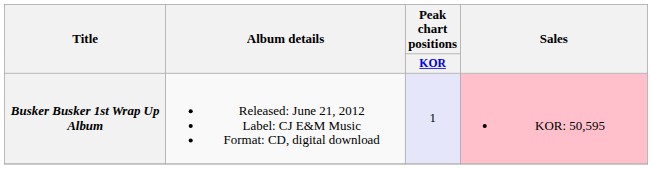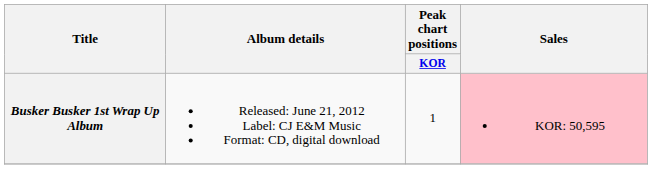 <table class="wikitable plainrowheaders" style="text-align:center;">
 <tr>
 <th rowspan="2" style="width:12em;">Title</th>
 <th rowspan="2" style="width:18em;">Album details</th>
 <th colspan="1">Peak chart positions</th>
 <th rowspan="2" style="width:14em;">Sales</th>
 </tr>
 <tr>
 <th scope="col" style="width:3em;font-size:90%;"><a href='#'>KOR</a><br></th>
 </tr>
 <tr>
 <th scope="row"><em>Busker Busker 1st Wrap Up Album</em></th>
 <td><br><ul><li>Released: June 21, 2012</li><li>Label: CJ E&M Music</li><li>Format: CD, digital download</li></ul></td>
-<td style="background: lavender;">1</td>
+<td>1</td>
 <td style="background: pink;"><br><ul><li>KOR: 50,595</li></ul></td>
 </tr>
 <tr>
 </tr>
 </table>
